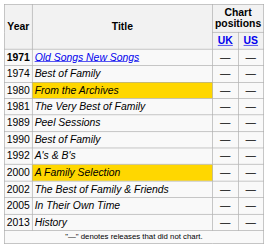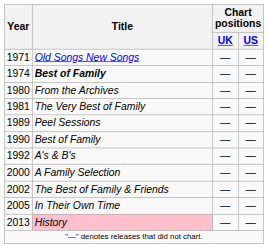 <table class="wikitable" border="1">
 <tr>
 <th width="25" rowspan="2">Year</th>
 <th width="270" rowspan="2">Title</th>
 <th colspan="2">Chart positions</th>
 </tr>
 <tr>
 <th width="30"><a href='#'>UK</a><br></th>
 <th width="30"><a href='#'>US</a><br></th>
 </tr>
 <tr>
-<td><strong>1971</strong></td>
+<td>1971</td>
 <td><em><a href='#'>Old Songs New Songs</a></em></td>
 <td align="center" >—</td>
 <td align="center" >—</td>
 </tr>
 <tr>
 <td>1974</td>
-<td><em>Best of Family</em></td>
+<td><strong><em>Best of Family</em></strong></td>
 <td align="center" >—</td>
 <td align="center" >—</td>
 </tr>
 <tr>
 <td>1980</td>
-<td style="background: gold;"><em>From the Archives</em></td>
+<td><em>From the Archives</em></td>
 <td align="center" >—</td>
 <td align="center" >—</td>
 </tr>
 <tr>
 <td>1981</td>
 <td><em>The Very Best of Family</em></td>
 <td align="center" >—</td>
 <td align="center" >—</td>
 </tr>
 <tr>
 <td>1989</td>
 <td><em>Peel Sessions</em></td>
 <td align="center" >—</td>
 <td align="center" >—</td>
 </tr>
 <tr>
 <td>1990</td>
 <td><em>Best of Family</em></td>
 <td align="center" >—</td>
 <td align="center" >—</td>
 </tr>
 <tr>
 <td>1992</td>
 <td><em>A's & B's</em></td>
 <td align="center" >—</td>
 <td align="center" >—</td>
 </tr>
 <tr>
 <td>2000</td>
-<td style="background: gold;"><em>A Family Selection</em></td>
+<td><em>A Family Selection</em></td>
 <td align="center" >—</td>
 <td align="center" >—</td>
 </tr>
 <tr>
 <td>2002</td>
 <td><em>The Best of Family & Friends</em></td>
 <td align="center" >—</td>
 <td align="center" >—</td>
 </tr>
 <tr>
 <td>2005</td>
 <td><em>In Their Own Time</em></td>
 <td align="center" >—</td>
 <td align="center" >—</td>
 </tr>
 <tr>
 <td>2013</td>
-<td><em>History</em></td>
+<td style="background: pink;"><em>History</em></td>
 <td align="center" >—</td>
 <td align="center" >—</td>
 </tr>
 <tr>
 <td colspan="7" style="text-align:center; font-size:9pt;">"—" denotes releases that did not chart.</td>
 </tr>
 </table>
